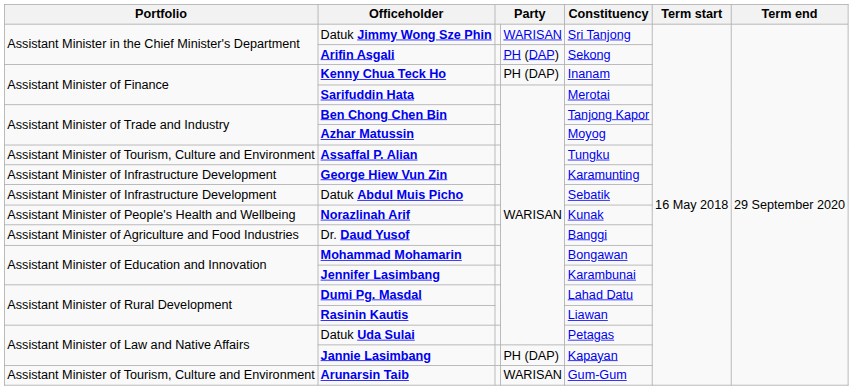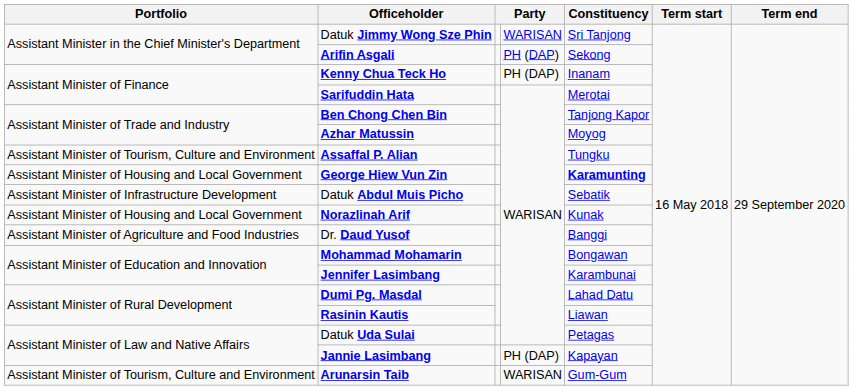 <table class="wikitable sortable">
 <tr>
 <th>Portfolio</th>
 <th>Officeholder</th>
 <th colspan="2">Party</th>
 <th>Constituency</th>
 <th>Term start</th>
 <th>Term end</th>
 </tr>
 <tr>
 <td rowspan="2">Assistant Minister in the Chief Minister's Department</td>
 <td>Datuk <strong><a href='#'>Jimmy Wong Sze Phin</a></strong></td>
 <td style="background:"></td>
 <td><a href='#'>WARISAN</a></td>
 <td><a href='#'>Sri Tanjong</a></td>
 <td rowspan="18">16 May 2018</td>
 <td rowspan="18">29 September 2020</td>
 </tr>
 <tr>
 <td><strong><a href='#'>Arifin Asgali</a></strong></td>
 <td style="background:"></td>
 <td><a href='#'>PH</a> (<a href='#'>DAP</a>)</td>
 <td><a href='#'>Sekong</a></td>
 </tr>
 <tr>
 <td rowspan="2">Assistant Minister of Finance</td>
 <td><strong><a href='#'>Kenny Chua Teck Ho</a></strong></td>
 <td style="background:"></td>
 <td>PH (DAP)</td>
 <td><a href='#'>Inanam</a></td>
 </tr>
 <tr>
 <td><strong><a href='#'>Sarifuddin Hata</a></strong></td>
 <td style="background:"></td>
 <td rowspan="13">WARISAN</td>
 <td><a href='#'>Merotai</a></td>
 </tr>
 <tr>
 <td rowspan="2">Assistant Minister of Trade and Industry</td>
 <td><strong><a href='#'>Ben Chong Chen Bin</a></strong></td>
 <td style="background:"></td>
 <td><a href='#'>Tanjong Kapor</a></td>
 </tr>
 <tr>
 <td><strong><a href='#'>Azhar Matussin</a></strong></td>
 <td style="background:"></td>
 <td><a href='#'>Moyog</a></td>
 </tr>
 <tr>
 <td>Assistant Minister of Tourism, Culture and Environment</td>
 <td><strong><a href='#'>Assaffal P. Alian</a></strong></td>
 <td style="background:"></td>
 <td><a href='#'>Tungku</a></td>
 </tr>
 <tr>
-<td>Assistant Minister of Infrastructure Development</td>
+<td>Assistant Minister of Housing and Local Government</td>
 <td><strong><a href='#'>George Hiew Vun Zin</a></strong></td>
 <td style="background:"></td>
-<td><a href='#'>Karamunting</a></td>
+<td><strong><a href='#'>Karamunting</a></strong></td>
 </tr>
 <tr>
 <td>Assistant Minister of Infrastructure Development</td>
 <td>Datuk <strong><a href='#'>Abdul Muis Picho</a></strong></td>
 <td style="background:"></td>
 <td><a href='#'>Sebatik</a></td>
 </tr>
 <tr>
-<td>Assistant Minister of People's Health and Wellbeing</td>
+<td>Assistant Minister of Housing and Local Government</td>
 <td><strong><a href='#'>Norazlinah Arif</a></strong></td>
 <td style="background:"></td>
 <td><a href='#'>Kunak</a></td>
 </tr>
 <tr>
 <td>Assistant Minister of Agriculture and Food Industries</td>
 <td>Dr. <strong><a href='#'>Daud Yusof</a></strong></td>
 <td style="background:"></td>
 <td><a href='#'>Banggi</a></td>
 </tr>
 <tr>
 <td rowspan="2">Assistant Minister of Education and Innovation</td>
 <td><strong><a href='#'>Mohammad Mohamarin</a></strong></td>
 <td style="background:"></td>
 <td><a href='#'>Bongawan</a></td>
 </tr>
 <tr>
 <td><strong><a href='#'>Jennifer Lasimbang</a></strong></td>
 <td style="background:"></td>
 <td><a href='#'>Karambunai</a></td>
 </tr>
 <tr>
 <td rowspan="2">Assistant Minister of Rural Development</td>
 <td><strong><a href='#'>Dumi Pg. Masdal</a></strong></td>
 <td rowspan="2" style="background:"></td>
 <td><a href='#'>Lahad Datu</a></td>
 </tr>
 <tr>
 <td><strong><a href='#'>Rasinin Kautis</a></strong></td>
 <td><a href='#'>Liawan</a></td>
 </tr>
 <tr>
 <td rowspan="2">Assistant Minister of Law and Native Affairs</td>
 <td>Datuk <strong><a href='#'>Uda Sulai</a></strong></td>
 <td style="background:"></td>
 <td><a href='#'>Petagas</a></td>
 </tr>
 <tr>
 <td><strong><a href='#'>Jannie Lasimbang</a></strong></td>
 <td style="background:"></td>
 <td>PH (DAP)</td>
 <td><a href='#'>Kapayan</a></td>
 </tr>
 <tr>
 <td>Assistant Minister of Tourism, Culture and Environment</td>
 <td><strong><a href='#'>Arunarsin Taib</a></strong></td>
 <td style="background:"></td>
 <td>WARISAN</td>
 <td><a href='#'>Gum-Gum</a></td>
 </tr>
 </table>
